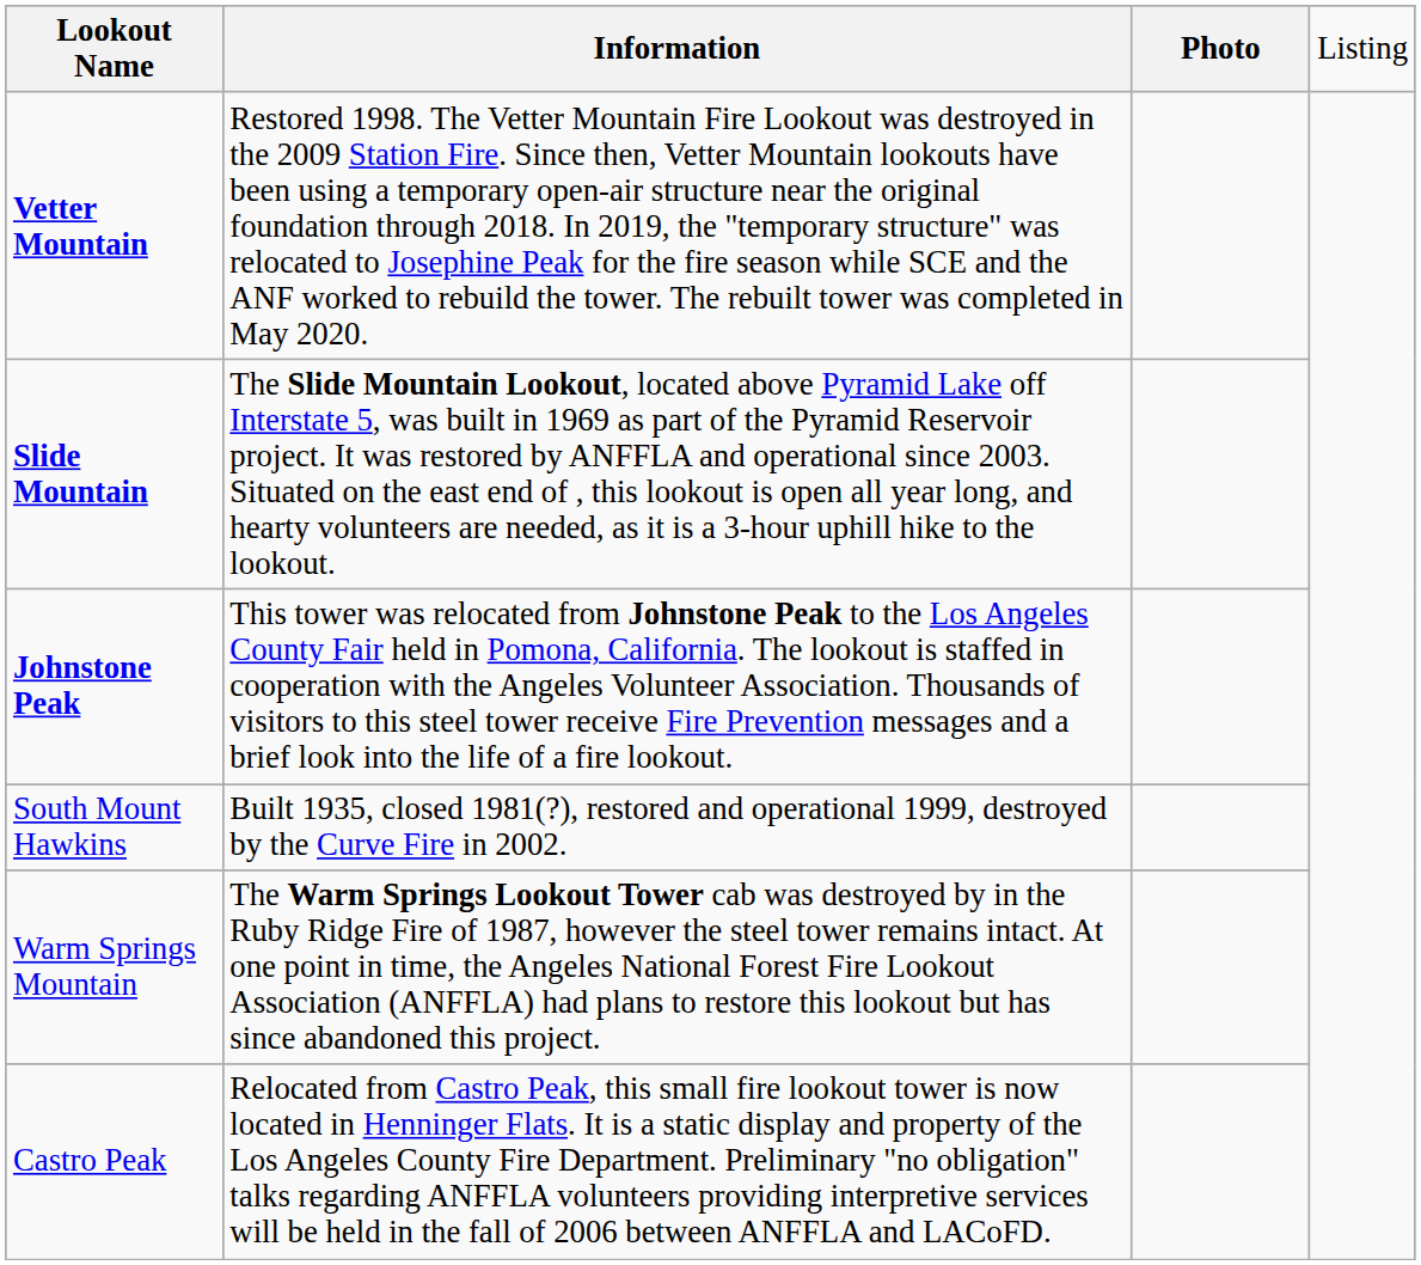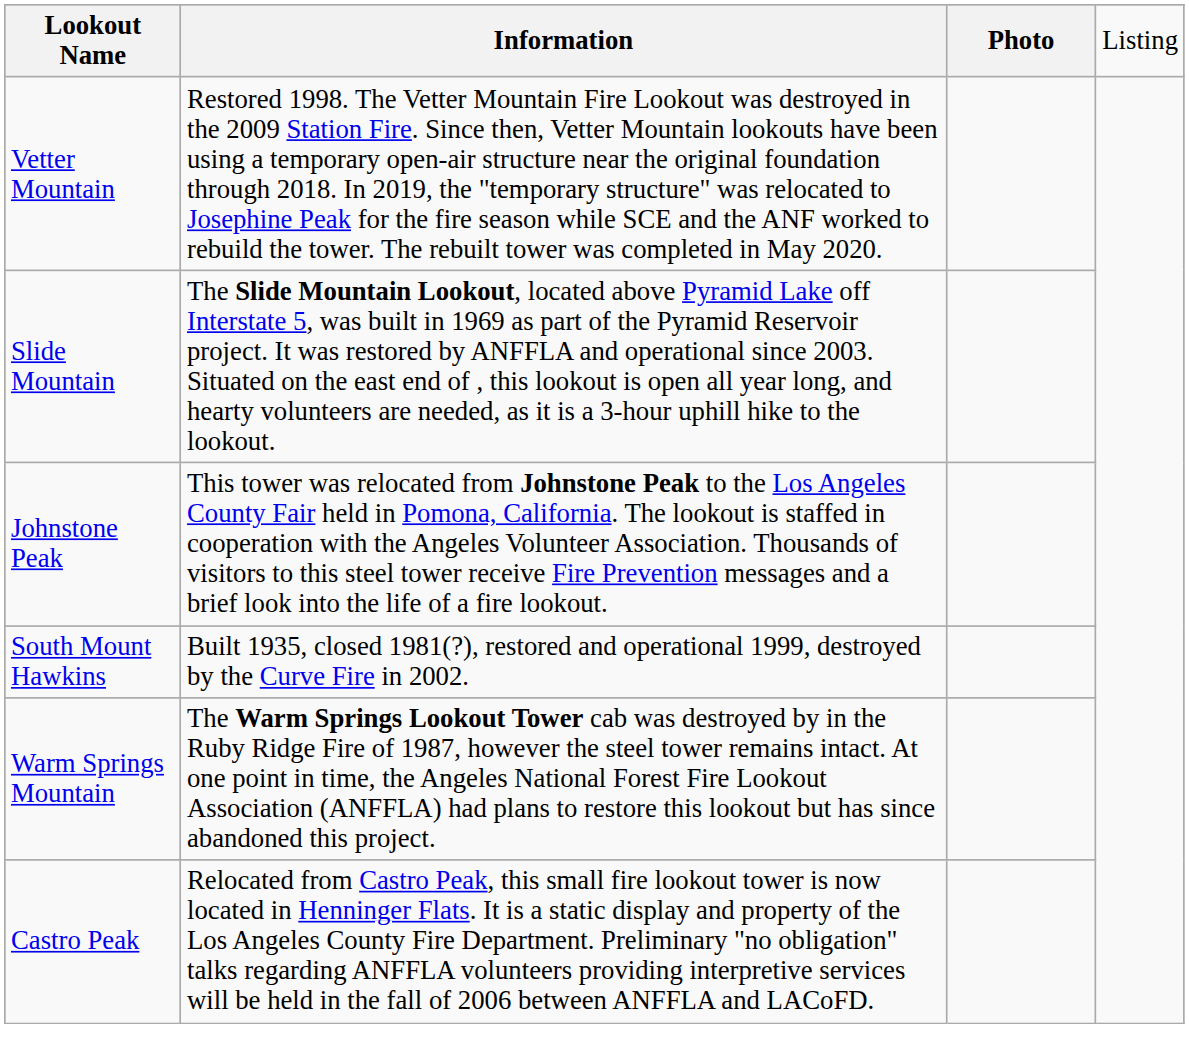 <table class="wikitable" style="width: 80%">
 <tr>
 <th scope="col" style="width: 10em;">Lookout Name</th>
 <th scope="col" style="width: 70em;">Information</th>
 <th scope="col" style="width: 10em;">Photo</th>
 <td>Listing</td>
 </tr>
 <tr>
-<td><strong><a href='#'>Vetter Mountain</a></strong></td>
+<td><a href='#'>Vetter Mountain</a></td>
 <td>Restored 1998. The Vetter Mountain Fire Lookout was destroyed in the 2009 <a href='#'>Station Fire</a>. Since then, Vetter Mountain lookouts have been using a temporary open-air structure near the original foundation through 2018. In 2019, the "temporary structure" was relocated to <a href='#'>Josephine Peak</a> for the fire season while SCE and the ANF worked to rebuild the tower. The rebuilt tower was completed in May 2020.</td>
 <td></td>
 </tr>
 <tr>
-<td><strong><a href='#'>Slide Mountain</a></strong></td>
+<td><a href='#'>Slide Mountain</a></td>
 <td>The <strong>Slide Mountain Lookout</strong>, located above <a href='#'>Pyramid Lake</a> off <a href='#'>Interstate 5</a>, was built in 1969 as part of the Pyramid Reservoir project. It was restored by ANFFLA and operational since 2003. Situated  on the east end of , this lookout is open all year long, and hearty volunteers are needed, as it is a 3-hour uphill hike to the lookout.</td>
 <td><br></td>
 </tr>
 <tr>
-<td><strong><a href='#'>Johnstone Peak</a></strong></td>
+<td><a href='#'>Johnstone Peak</a></td>
 <td>This tower was relocated from <strong>Johnstone Peak</strong> to the <a href='#'>Los Angeles County Fair</a> held in <a href='#'>Pomona, California</a>. The lookout is staffed in cooperation with the Angeles Volunteer Association. Thousands of visitors to this steel tower receive <a href='#'>Fire Prevention</a> messages and a brief look into the life of a fire lookout.</td>
 <td></td>
 </tr>
 <tr>
 <td><a href='#'>South Mount Hawkins</a></td>
 <td>Built 1935, closed 1981(?), restored and operational 1999, destroyed by the <a href='#'>Curve Fire</a> in 2002. </td>
 <td></td>
 </tr>
 <tr>
 <td><a href='#'>Warm Springs Mountain</a></td>
 <td>The <strong>Warm Springs Lookout Tower</strong> cab was destroyed by in the Ruby Ridge Fire of 1987, however the steel tower remains intact. At one point in time, the Angeles National Forest Fire Lookout Association (ANFFLA) had plans to restore this lookout but has since abandoned this project.</td>
 <td></td>
 </tr>
 <tr>
 <td><a href='#'>Castro Peak</a></td>
 <td>Relocated from <a href='#'>Castro Peak</a>, this small fire lookout tower is now located in <a href='#'>Henninger Flats</a>. It is a static display and property of the Los Angeles County Fire Department. Preliminary "no obligation" talks regarding ANFFLA volunteers providing interpretive services will be held in the fall of 2006 between ANFFLA and LACoFD.</td>
 <td></td>
 </tr>
 </table>
